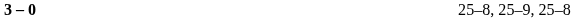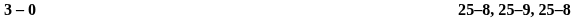 <table width=100% cellspacing=1>
 <tr>
 <th width=20%></th>
 <th width=12%></th>
 <th width=20%></th>
 <th width=33%></th>
 <td></td>
 </tr>
 <tr style=font-size:95%>
 <td align=right><strong></strong></td>
 <td align=center><strong>3 – 0</strong></td>
 <td></td>
-<td>25–8, 25–9, 25–8</td>
+<td><strong>25–8, 25–9, 25–8</strong></td>
 </tr>
 </table>
